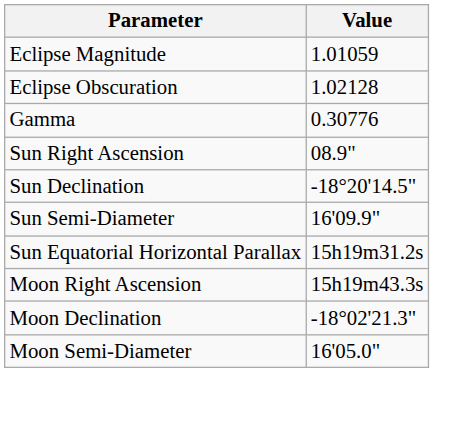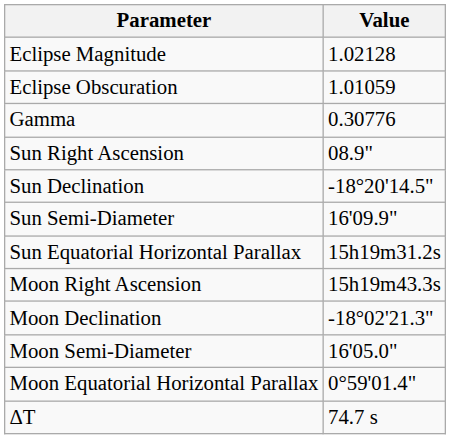 <table class="wikitable">
 <tr>
 <th>Parameter</th>
 <th>Value</th>
 </tr>
 <tr>
 <td>Eclipse Magnitude</td>
-<td>1.01059</td>
+<td>1.02128</td>
 </tr>
 <tr>
 <td>Eclipse Obscuration</td>
-<td>1.02128</td>
+<td>1.01059</td>
 </tr>
 <tr>
 <td>Gamma</td>
 <td>0.30776</td>
 </tr>
 <tr>
 <td>Sun Right Ascension</td>
 <td>08.9"</td>
 </tr>
 <tr>
 <td>Sun Declination</td>
 <td>-18°20'14.5"</td>
 </tr>
 <tr>
 <td>Sun Semi-Diameter</td>
 <td>16'09.9"</td>
 </tr>
 <tr>
 <td>Sun Equatorial Horizontal Parallax</td>
 <td>15h19m31.2s</td>
 </tr>
 <tr>
 <td>Moon Right Ascension</td>
 <td>15h19m43.3s</td>
 </tr>
 <tr>
 <td>Moon Declination</td>
 <td>-18°02'21.3"</td>
 </tr>
 <tr>
 <td>Moon Semi-Diameter</td>
 <td>16'05.0"</td>
 </tr>
+<tr>
+<td>Moon Equatorial Horizontal Parallax</td>
+<td>0°59'01.4"</td>
+</tr>
+<tr>
+<td>ΔT</td>
+<td>74.7 s</td>
+</tr>
 </table>
